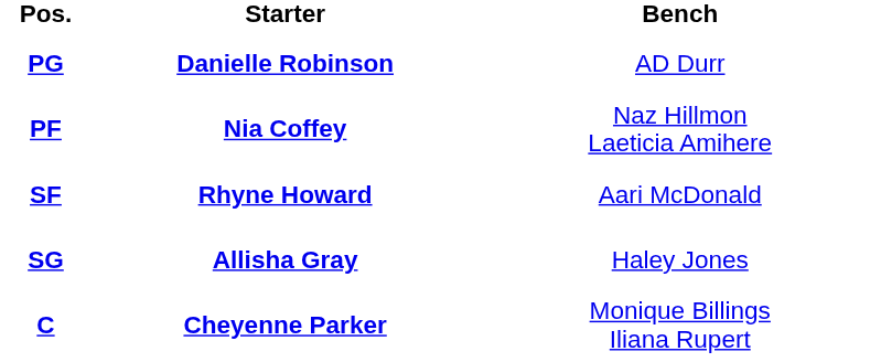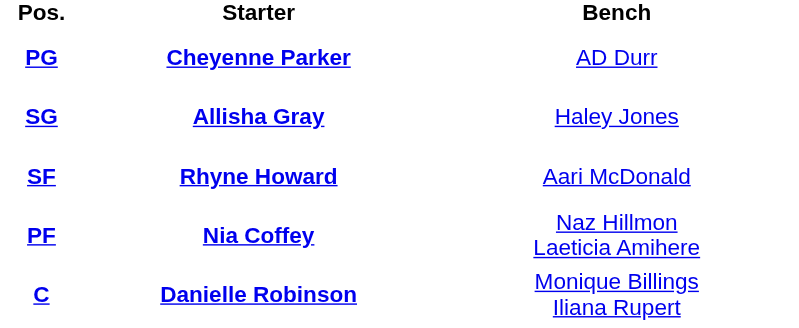 <table style="text-align:center; ">
 <tr>
 <th width="50">Pos.</th>
 <th width="250">Starter</th>
 <th width="250">Bench</th>
 </tr>
 <tr style="height:40px; background:white; color:#092C57">
 <th><a href='#'><span>PG</span></a></th>
-<td><strong><a href='#'>Danielle Robinson</a></strong></td>
+<td><strong><a href='#'>Cheyenne Parker</a></strong></td>
 <td><a href='#'>AD Durr</a></td>
+</tr>
+<tr style="height:40px; background:white; color:#092C57">
+<th><a href='#'><span>SG</span></a></th>
+<td><strong><a href='#'>Allisha Gray</a></strong></td>
+<td><a href='#'>Haley Jones</a></td>
+</tr>
+<tr style="height:40px; background:white; color:#092C57">
+<th><a href='#'><span>SF</span></a></th>
+<td><strong><a href='#'>Rhyne Howard</a></strong></td>
+<td><a href='#'>Aari McDonald</a></td>
 </tr>
 <tr style="height:40px; background:white; color:#092C57">
 <th><a href='#'><span>PF</span></a></th>
 <td><strong><a href='#'>Nia Coffey</a></strong></td>
 <td><a href='#'>Naz Hillmon</a><br><a href='#'>Laeticia Amihere</a></td>
 </tr>
 <tr style="height:40px; background:white; color:#092C57">
-<th><a href='#'><span>SF</span></a></th>
-<td><strong><a href='#'>Rhyne Howard</a></strong></td>
-<td><a href='#'>Aari McDonald</a></td>
-</tr>
-<tr style="height:40px; background:white; color:#092C57">
-<th><a href='#'><span>SG</span></a></th>
-<td><strong><a href='#'>Allisha Gray</a></strong></td>
-<td><a href='#'>Haley Jones</a></td>
-</tr>
-<tr style="height:40px; background:white; color:#092C57">
 <th><a href='#'><span>C</span></a></th>
-<td><strong><a href='#'>Cheyenne Parker</a></strong></td>
+<td><strong><a href='#'>Danielle Robinson</a></strong></td>
 <td><a href='#'>Monique Billings</a><br><a href='#'>Iliana Rupert</a></td>
 </tr>
 </table>
